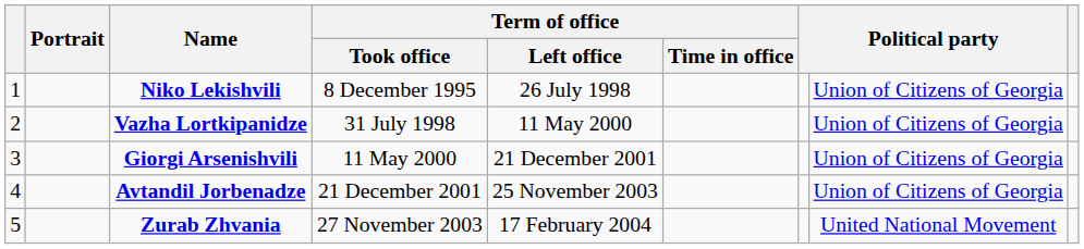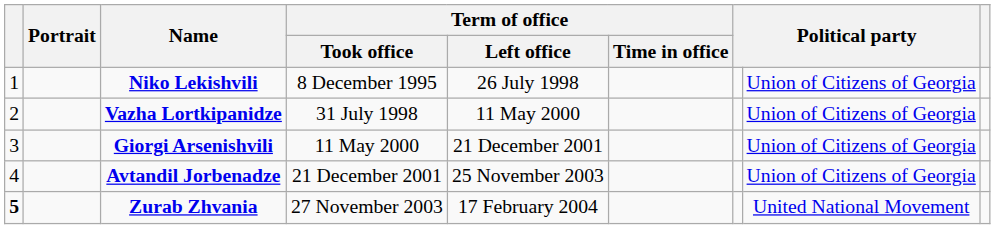 <table class="wikitable" style="text-align:center">
 <tr>
 <th rowspan=2></th>
 <th rowspan=2>Portrait</th>
 <th rowspan=2>Name<br></th>
 <th colspan=3>Term of office</th>
 <th colspan=2 rowspan=2>Political party</th>
 <th rowspan=2></th>
 </tr>
 <tr>
 <th>Took office</th>
 <th>Left office</th>
 <th>Time in office</th>
 </tr>
 <tr>
 <td>1</td>
 <td></td>
 <td><strong><a href='#'>Niko Lekishvili</a></strong><br></td>
 <td>8 December 1995</td>
 <td>26 July 1998</td>
 <td></td>
 <td style="background:"></td>
 <td><a href='#'>Union of Citizens of Georgia</a></td>
 <td></td>
 </tr>
 <tr>
 <td>2</td>
 <td></td>
 <td><strong><a href='#'>Vazha Lortkipanidze</a></strong><br></td>
 <td>31 July 1998</td>
 <td>11 May 2000</td>
 <td></td>
 <td style="background:"></td>
 <td><a href='#'>Union of Citizens of Georgia</a></td>
 <td></td>
 </tr>
 <tr>
 <td>3</td>
 <td></td>
 <td><strong><a href='#'>Giorgi Arsenishvili</a></strong><br></td>
 <td>11 May 2000</td>
 <td>21 December 2001</td>
 <td></td>
 <td style="background:"></td>
 <td><a href='#'>Union of Citizens of Georgia</a></td>
 <td></td>
 </tr>
 <tr>
 <td>4</td>
 <td></td>
 <td><strong><a href='#'>Avtandil Jorbenadze</a></strong><br></td>
 <td>21 December 2001</td>
 <td>25 November 2003</td>
 <td></td>
 <td style="background:"></td>
 <td><a href='#'>Union of Citizens of Georgia</a></td>
 <td></td>
 </tr>
 <tr>
-<td>5</td>
+<td><strong>5</strong></td>
 <td></td>
 <td><strong><a href='#'>Zurab Zhvania</a></strong><br></td>
 <td>27 November 2003</td>
 <td>17 February 2004</td>
 <td></td>
 <td style="background:"></td>
 <td><a href='#'>United National Movement</a></td>
 <td></td>
 </tr>
 </table>
